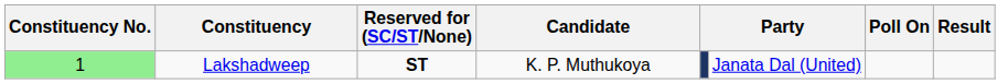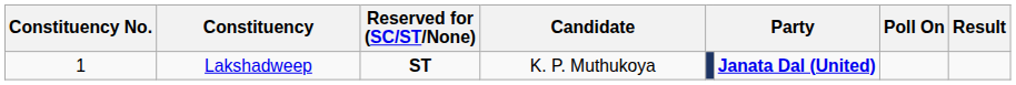 <table class="wikitable sortable" style="text-align:center">
 <tr>
 <th>Constituency No.</th>
 <th style="width:180px;">Constituency</th>
 <th>Reserved for<br>(<a href='#'>SC/ST</a>/None)</th>
 <th style="width:200px;">Candidate</th>
 <th colspan="2">Party</th>
 <th>Poll On</th>
 <th>Result</th>
 </tr>
 <tr>
-<td style="background: lightgreen; text-align:center;">1</td>
+<td style="text-align:center;">1</td>
 <td><a href='#'>Lakshadweep</a></td>
 <td><strong>ST</strong></td>
 <td>K. P. Muthukoya</td>
 <td bgcolor=#1D3463></td>
-<td><a href='#'>Janata Dal (United)</a></td>
+<td><strong><a href='#'>Janata Dal (United)</a></strong></td>
 <td></td>
 <td></td>
 </tr>
 </table>
